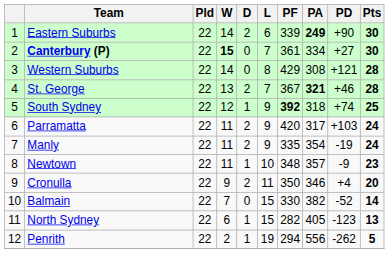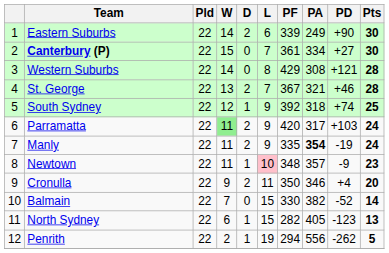 <table class="wikitable" style="text-align:center;">
 <tr>
 <th width=20 abbr="Position×"></th>
 <th width=220>Team</th>
 <th width=20 abbr="Played">Pld</th>
 <th width=20 abbr="Won">W</th>
 <th width=20 abbr="Drawn">D</th>
 <th width=20 abbr="Lost">L</th>
 <th width=20 abbr="Points for">PF</th>
 <th width=20 abbr="Points against">PA</th>
 <th width=20 abbr="Points difference">PD</th>
 <th width=20 abbr="Points">Pts</th>
 </tr>
 <tr style="background: #ccffcc;">
 <td>1</td>
 <td style="text-align:left;"> <a href='#'>Eastern Suburbs</a></td>
 <td>22</td>
 <td>14</td>
 <td>2</td>
 <td>6</td>
 <td>339</td>
-<td><strong>249</strong></td>
+<td>249</td>
 <td>+90</td>
 <td><strong>30</strong></td>
 </tr>
 <tr style="background: #ccffcc;">
 <td>2</td>
 <td style="text-align:left;"><strong> <a href='#'>Canterbury</a> (P)</strong></td>
 <td>22</td>
-<td><strong>15</strong></td>
+<td>15</td>
 <td>0</td>
 <td>7</td>
 <td>361</td>
 <td>334</td>
 <td>+27</td>
 <td><strong>30</strong></td>
 </tr>
 <tr style="background: #ccffcc;">
 <td>3</td>
 <td style="text-align:left;"> <a href='#'>Western Suburbs</a></td>
 <td>22</td>
 <td>14</td>
 <td>0</td>
 <td>8</td>
 <td>429</td>
 <td>308</td>
 <td>+121</td>
 <td><strong>28</strong></td>
 </tr>
 <tr style="background: #ccffcc;">
 <td>4</td>
 <td style="text-align:left;"> <a href='#'>St. George</a></td>
 <td>22</td>
 <td>13</td>
 <td>2</td>
 <td>7</td>
 <td>367</td>
-<td><strong>321</strong></td>
+<td>321</td>
 <td>+46</td>
 <td><strong>28</strong></td>
 </tr>
 <tr style="background: #ccffcc;">
 <td>5</td>
 <td style="text-align:left;"> <a href='#'>South Sydney</a></td>
 <td>22</td>
 <td>12</td>
 <td>1</td>
 <td>9</td>
-<td><strong>392</strong></td>
+<td>392</td>
 <td>318</td>
 <td>+74</td>
 <td><strong>25</strong></td>
 </tr>
 <tr>
 <td>6</td>
 <td style="text-align:left;"> <a href='#'>Parramatta</a></td>
 <td>22</td>
-<td>11</td>
+<td style="background: lightgreen;">11</td>
 <td>2</td>
 <td>9</td>
 <td>420</td>
 <td>317</td>
 <td>+103</td>
 <td><strong>24</strong></td>
 </tr>
 <tr>
 <td>7</td>
 <td style="text-align:left;"> <a href='#'>Manly</a></td>
 <td>22</td>
 <td>11</td>
 <td>2</td>
 <td>9</td>
 <td>335</td>
-<td>354</td>
+<td><strong>354</strong></td>
 <td>-19</td>
 <td><strong>24</strong></td>
 </tr>
 <tr>
 <td>8</td>
 <td style="text-align:left;"> <a href='#'>Newtown</a></td>
 <td>22</td>
 <td>11</td>
 <td>1</td>
-<td>10</td>
+<td style="background: pink;">10</td>
 <td>348</td>
 <td>357</td>
 <td>-9</td>
 <td><strong>23</strong></td>
 </tr>
 <tr>
 <td>9</td>
 <td style="text-align:left;"> <a href='#'>Cronulla</a></td>
 <td>22</td>
 <td>9</td>
 <td>2</td>
 <td>11</td>
 <td>350</td>
 <td>346</td>
 <td>+4</td>
 <td><strong>20</strong></td>
 </tr>
 <tr>
 <td>10</td>
 <td style="text-align:left;"> <a href='#'>Balmain</a></td>
 <td>22</td>
 <td>7</td>
 <td>0</td>
 <td>15</td>
 <td>330</td>
 <td>382</td>
 <td>-52</td>
 <td><strong>14</strong></td>
 </tr>
 <tr>
 <td>11</td>
 <td style="text-align:left;"> <a href='#'>North Sydney</a></td>
 <td>22</td>
 <td>6</td>
 <td>1</td>
 <td>15</td>
 <td>282</td>
 <td>405</td>
 <td>-123</td>
 <td><strong>13</strong></td>
 </tr>
 <tr>
 <td>12</td>
 <td style="text-align:left;"> <a href='#'>Penrith</a></td>
 <td>22</td>
 <td>2</td>
 <td>1</td>
 <td>19</td>
 <td>294</td>
 <td>556</td>
 <td>-262</td>
 <td><strong>5</strong></td>
 </tr>
 <tr>
 </tr>
 </table>
